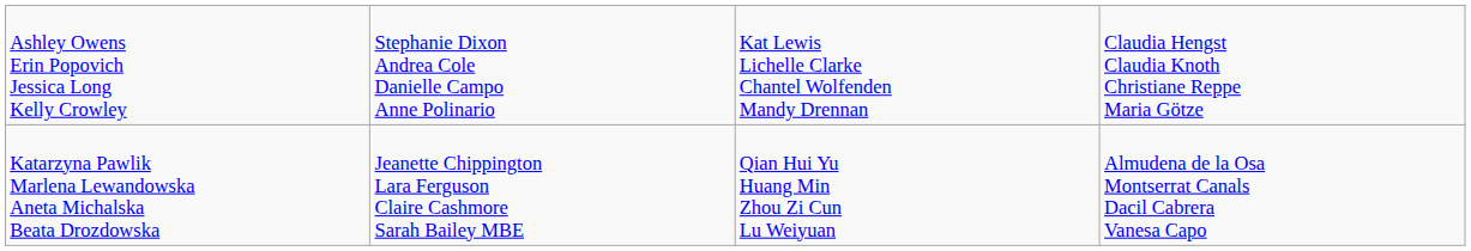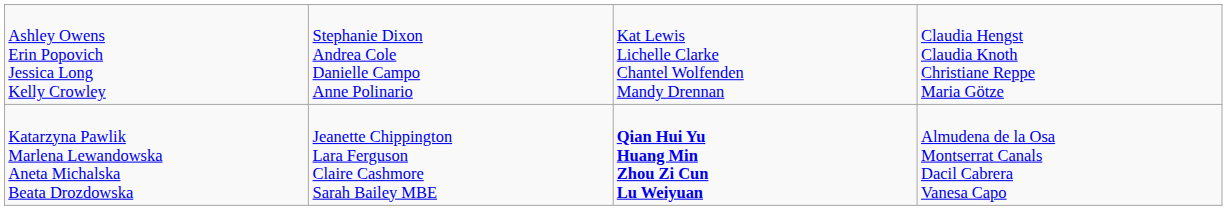 <table class="wikitable">
 <tr>
 <td style="vertical-align:top; width:18em"><br><a href='#'>Ashley Owens</a><br><a href='#'>Erin Popovich</a><br><a href='#'>Jessica Long</a><br><a href='#'>Kelly Crowley</a></td>
 <td style="vertical-align:top; width:18em"><br><a href='#'>Stephanie Dixon</a><br><a href='#'>Andrea Cole</a><br><a href='#'>Danielle Campo</a><br><a href='#'>Anne Polinario</a></td>
 <td style="vertical-align:top; width:18em"><br><a href='#'>Kat Lewis</a><br><a href='#'>Lichelle Clarke</a><br><a href='#'>Chantel Wolfenden</a><br><a href='#'>Mandy Drennan</a></td>
 <td style="vertical-align:top; width:18em"><br><a href='#'>Claudia Hengst</a><br><a href='#'>Claudia Knoth</a><br><a href='#'>Christiane Reppe</a><br><a href='#'>Maria Götze</a></td>
 </tr>
 <tr>
 <td style="vertical-align:top; width:18em"><br><a href='#'>Katarzyna Pawlik</a><br><a href='#'>Marlena Lewandowska</a><br><a href='#'>Aneta Michalska</a><br><a href='#'>Beata Drozdowska</a></td>
 <td style="vertical-align:top; width:18em"><br><a href='#'>Jeanette Chippington</a><br><a href='#'>Lara Ferguson</a><br><a href='#'>Claire Cashmore</a><br><a href='#'>Sarah Bailey MBE</a></td>
-<td style="vertical-align:top; width:18em"><br><a href='#'>Qian Hui Yu</a><br><a href='#'>Huang Min</a><br><a href='#'>Zhou Zi Cun</a><br><a href='#'>Lu Weiyuan</a></td>
+<td style="vertical-align:top; width:18em"><strong><br><a href='#'>Qian Hui Yu</a><br><a href='#'>Huang Min</a><br><a href='#'>Zhou Zi Cun</a><br><a href='#'>Lu Weiyuan</a></strong></td>
 <td style="vertical-align:top; width:18em"><br><a href='#'>Almudena de la Osa</a><br><a href='#'>Montserrat Canals</a><br><a href='#'>Dacil Cabrera</a><br><a href='#'>Vanesa Capo</a></td>
 </tr>
 </table>
